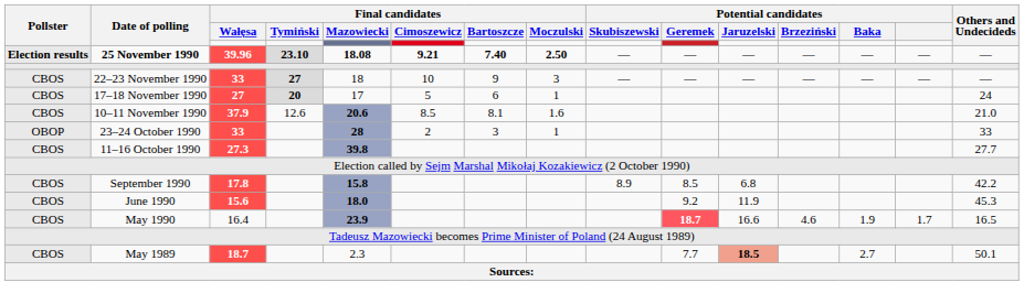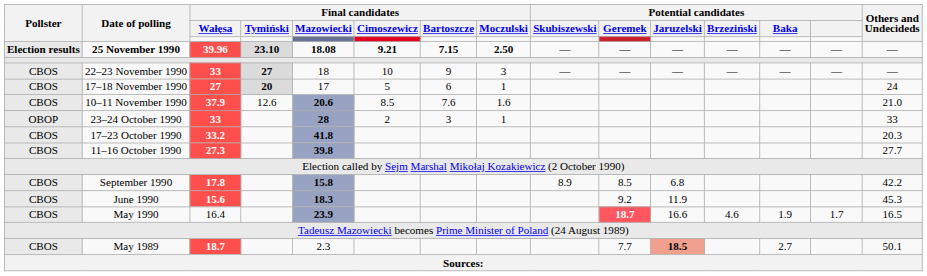 <table class="wikitable" style="text-align:center; font-size:90%; line-height:14px;">
 <tr>
 <th rowspan="3">Pollster</th>
 <th rowspan="3">Date of polling</th>
 <th colspan="6">Final candidates</th>
 <th colspan="6">Potential candidates</th>
 <th rowspan="3">Others and<br>Undecideds</th>
 </tr>
 <tr>
 <th style="width:60px;"><a href='#'>Wałęsa</a><br></th>
 <th style="width:60px;"><a href='#'>Tymiński</a><br></th>
 <th style="width:60px;"><a href='#'>Mazowiecki</a><br> </th>
 <th style="width:60px;"><a href='#'>Cimoszewicz</a><br></th>
 <th style="width:60px;"><a href='#'>Bartoszcze</a><br></th>
 <th style="width:60px;"><a href='#'>Moczulski</a><br></th>
 <th style="width:60px;"><a href='#'>Skubiszewski</a><br></th>
 <th style="width:60px;"><a href='#'>Geremek</a><br></th>
 <th style="width:60px;"><a href='#'>Jaruzelski</a><br></th>
 <th style="width:60px;"><a href='#'>Brzeziński</a><br></th>
 <th style="width:60px;"><a href='#'>Baka</a><br></th>
 <th style="width:60px;"><br></th>
 </tr>
 <tr>
 <td style="background:"></td>
 <td style="background:"></td>
 <td style="background:#667191;"></td>
 <td style="background:#E2001A;"></td>
 <td style="background:"></td>
 <td style="background:"></td>
 <td style="background:"></td>
 <td style="background:#CC1F27;"></td>
 <td style="background:"></td>
 <td style="background:"></td>
 <td style="background:"></td>
 <td style="background:"></td>
 </tr>
 <tr>
 <td style="background-color:#E9E9E9"><strong>Election results</strong></td>
 <td><strong>25 November 1990</strong></td>
 <td style="background:#FF4F4C; color:white;"><strong>39.96</strong></td>
 <td style="background:#DBDBDB; color:black;"><strong>23.10</strong></td>
 <td><strong>18.08</strong></td>
 <td><strong>9.21</strong></td>
-<td><strong>7.40</strong></td>
+<td><strong>7.15</strong></td>
 <td><strong>2.50</strong></td>
 <td>—</td>
 <td>—</td>
 <td>—</td>
 <td>—</td>
 <td>—</td>
 <td>—</td>
 <td>—</td>
 </tr>
 <tr>
 <td colspan="15" style="background-color:#E9E9E9"></td>
 </tr>
 <tr>
 <td style="background-color:#E9E9E9">CBOS</td>
 <td>22–23 November 1990</td>
 <td style="background:#FF4F4C; color:white;"><strong>33</strong></td>
 <td style="background:#DBDBDB; color:black;"><strong>27</strong></td>
 <td>18</td>
 <td>10</td>
 <td>9</td>
 <td>3</td>
 <td>—</td>
 <td>—</td>
 <td>—</td>
 <td>—</td>
 <td>—</td>
 <td>—</td>
 <td>—</td>
 </tr>
 <tr>
 <td style="background-color:#E9E9E9">CBOS</td>
 <td>17–18 November 1990</td>
 <td style="background:#FF4F4C; color:white;"><strong>27</strong></td>
 <td style="background:#DBDBDB; color:black;"><strong>20</strong></td>
 <td>17</td>
 <td>5</td>
 <td>6</td>
 <td>1</td>
 <td></td>
 <td></td>
 <td></td>
 <td></td>
 <td></td>
 <td></td>
 <td>24</td>
 </tr>
 <tr>
 <td style="background-color:#E9E9E9">CBOS</td>
 <td>10–11 November 1990</td>
 <td style="background:#FF4F4C; color:white;"><strong>37.9</strong></td>
 <td>12.6</td>
 <td style="background:#98A3C3; color:black;"><strong>20.6</strong></td>
 <td>8.5</td>
-<td>8.1</td>
+<td>7.6</td>
 <td>1.6</td>
 <td></td>
 <td></td>
 <td></td>
 <td></td>
 <td></td>
 <td></td>
 <td>21.0</td>
 </tr>
 <tr>
 <td style="background-color:#E9E9E9">OBOP</td>
 <td>23–24 October 1990</td>
 <td style="background:#FF4F4C; color:white;"><strong>33</strong></td>
 <td></td>
 <td style="background:#98A3C3; color:black;"><strong>28</strong></td>
 <td>2</td>
 <td>3</td>
 <td>1</td>
 <td></td>
 <td></td>
 <td></td>
 <td></td>
 <td></td>
 <td></td>
 <td>33</td>
+</tr>
+<tr>
+<td style="background-color:#E9E9E9">CBOS</td>
+<td>17–23 October 1990</td>
+<td style="background:#FF4F4C; color:white;"><strong>33.2</strong></td>
+<td></td>
+<td style="background:#98A3C3; color:black;"><strong>41.8</strong></td>
+<td></td>
+<td></td>
+<td></td>
+<td></td>
+<td></td>
+<td></td>
+<td></td>
+<td></td>
+<td></td>
+<td>20.3</td>
 </tr>
 <tr>
 <td style="background-color:#E9E9E9">CBOS</td>
 <td>11–16 October 1990</td>
 <td style="background:#FF4F4C; color:white;"><strong>27.3</strong></td>
 <td></td>
 <td style="background:#98A3C3; color:black;"><strong>39.8</strong></td>
 <td></td>
 <td></td>
 <td></td>
 <td></td>
 <td></td>
 <td></td>
 <td></td>
 <td></td>
 <td></td>
 <td>27.7</td>
 </tr>
 <tr>
 <td colspan="15" style="background-color:#E9E9E9">Election called by <a href='#'>Sejm</a> <a href='#'>Marshal</a> <a href='#'>Mikołaj Kozakiewicz</a> (2 October 1990)</td>
 </tr>
 <tr>
 <td style="background-color:#E9E9E9">CBOS</td>
 <td>September 1990</td>
 <td style="background:#FF4F4C; color:white;"><strong>17.8</strong></td>
 <td></td>
 <td style="background:#98A3C3; color:black;"><strong>15.8</strong></td>
 <td></td>
 <td></td>
 <td></td>
 <td>8.9</td>
 <td>8.5</td>
 <td>6.8</td>
 <td></td>
 <td></td>
 <td></td>
 <td>42.2</td>
 </tr>
 <tr>
 <td style="background-color:#E9E9E9">CBOS</td>
 <td>June 1990</td>
 <td style="background:#FF4F4C; color:white;"><strong>15.6</strong></td>
 <td></td>
-<td style="background:#98A3C3; color:black;"><strong>18.0</strong></td>
+<td style="background:#98A3C3; color:black;"><strong>18.3</strong></td>
 <td></td>
 <td></td>
 <td></td>
 <td></td>
 <td>9.2</td>
 <td>11.9</td>
 <td></td>
 <td></td>
 <td></td>
 <td>45.3</td>
 </tr>
 <tr>
 <td style="background-color:#E9E9E9">CBOS</td>
 <td>May 1990</td>
 <td>16.4</td>
 <td></td>
 <td style="background:#98A3C3; color:black;"><strong>23.9</strong></td>
 <td></td>
 <td></td>
 <td></td>
 <td></td>
 <td style="background:#FF565F; color:white;"><strong>18.7</strong></td>
 <td>16.6</td>
 <td>4.6</td>
 <td>1.9</td>
 <td>1.7</td>
 <td>16.5</td>
 </tr>
 <tr>
 <td colspan="15" style="background-color:#E9E9E9"><a href='#'>Tadeusz Mazowiecki</a> becomes <a href='#'>Prime Minister of Poland</a> (24 August 1989)</td>
 </tr>
 <tr>
 <td style="background-color:#E9E9E9">CBOS</td>
 <td>May 1989</td>
 <td style="background:#FF4F4C; color:white;"><strong>18.7</strong></td>
 <td></td>
 <td>2.3</td>
 <td></td>
 <td></td>
 <td></td>
 <td></td>
 <td>7.7</td>
 <td style="background:#F1A08D;"><strong>18.5</strong></td>
 <td></td>
 <td>2.7</td>
 <td></td>
 <td>50.1</td>
 </tr>
 <tr>
 <th colspan=15>Sources:</th>
 </tr>
 </table>
